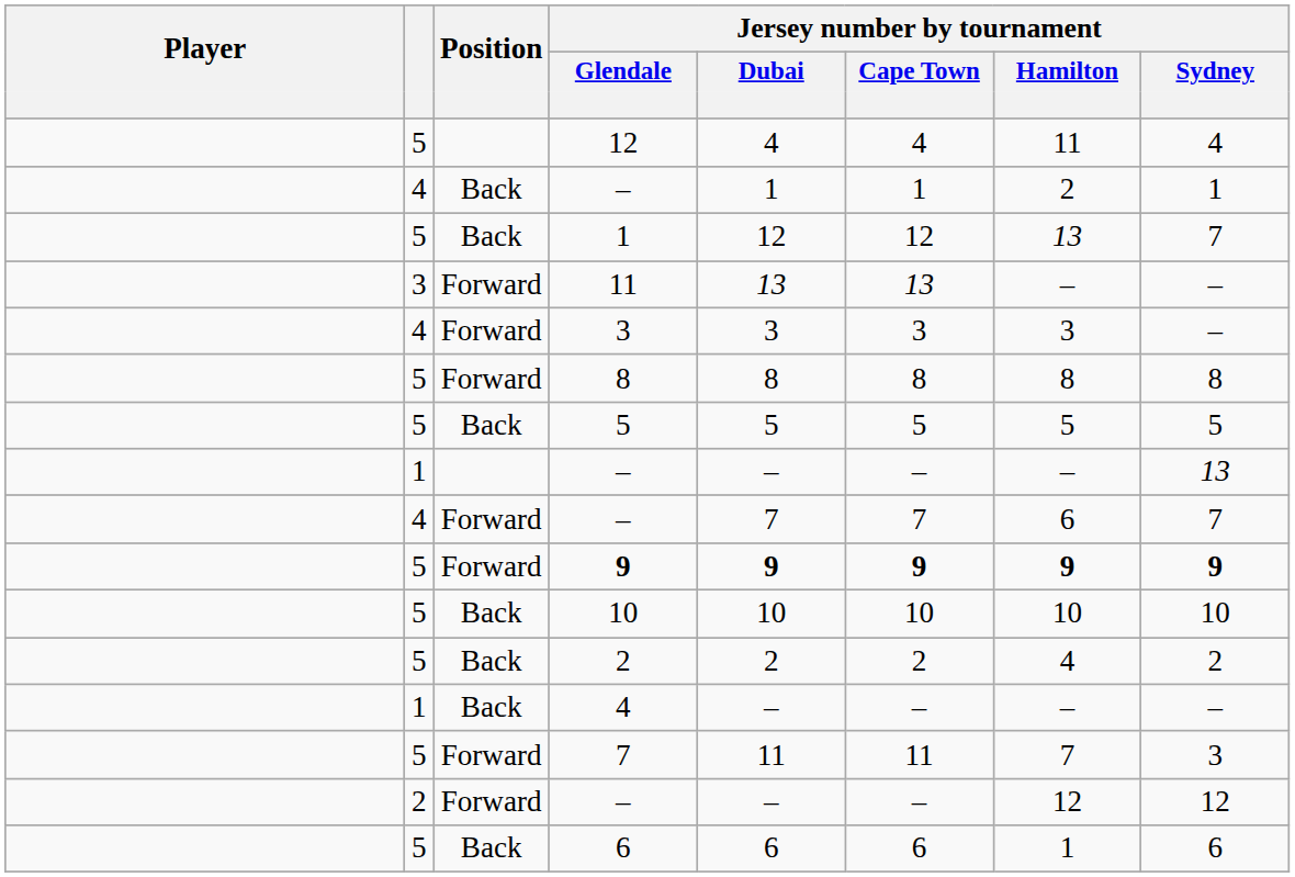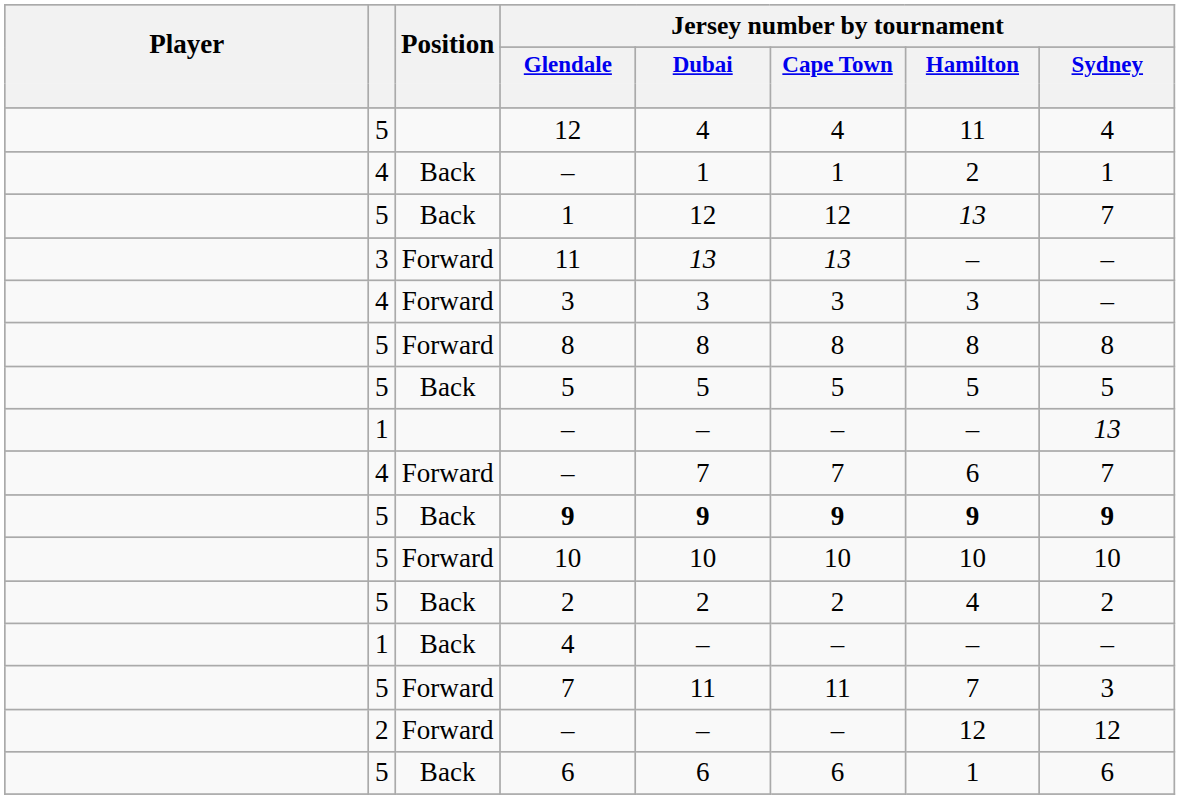 <table class="wikitable sortable" style="text-align:center;">
 <tr>
 <th rowspan=2 style="border-bottom:0; width:13em;">Player</th>
 <th rowspan=2 style="border-bottom:0;"></th>
 <th rowspan=2 style="border-bottom:0;">Position</th>
 <th colspan=8 style="font-size:95%;">Jersey number by tournament</th>
 </tr>
 <tr>
 <th style="vertical-align:top;width:5.5em;border-bottom:1px solid transparent;padding:2px;font-size:85%;"><a href='#'>Glendale</a></th>
 <th style="vertical-align:top;width:5.5em;border-bottom:1px solid transparent;padding:2px;font-size:85%;"><a href='#'>Dubai</a></th>
 <th style="vertical-align:top;width:5.5em;border-bottom:1px solid transparent;padding:2px;font-size:85%;"><a href='#'>Cape Town</a></th>
 <th style="vertical-align:top;width:5.5em;border-bottom:1px solid transparent;padding:2px;font-size:85%;"><a href='#'>Hamilton</a></th>
 <th style="vertical-align:top;width:5.5em;border-bottom:1px solid transparent;padding:2px;font-size:85%;"><a href='#'>Sydney</a></th>
 </tr>
 <tr style="line-height:8px;">
 <th style="border-top:1px solid transparent;"></th>
 <th style="border-top:1px solid transparent;"> </th>
 <th style="border-top:1px solid transparent;"> </th>
 <th data-sort-type="number" style="border-top:1px solid transparent;"></th>
 <th data-sort-type="number" style="border-top:1px solid transparent;"></th>
 <th data-sort-type="number" style="border-top:1px solid transparent;"></th>
 <th data-sort-type="number" style="border-top:1px solid transparent;"></th>
 <th data-sort-type="number" style="border-top:1px solid transparent;"></th>
 </tr>
 <tr>
 <td align=left></td>
 <td>5</td>
 <td></td>
 <td>12</td>
 <td>4</td>
 <td>4</td>
 <td>11</td>
 <td>4</td>
 </tr>
 <tr>
 <td align=left></td>
 <td>4</td>
 <td>Back</td>
 <td>–</td>
 <td>1</td>
 <td>1</td>
 <td>2</td>
 <td>1</td>
 </tr>
 <tr>
 <td align=left></td>
 <td>5</td>
 <td>Back</td>
 <td>1</td>
 <td>12</td>
 <td>12</td>
 <td><em>13</em></td>
 <td>7</td>
 </tr>
 <tr>
 <td align=left></td>
 <td>3</td>
 <td>Forward</td>
 <td>11</td>
 <td><em>13</em></td>
 <td><em>13</em></td>
 <td>–</td>
 <td>–</td>
 </tr>
 <tr>
 <td align=left></td>
 <td>4</td>
 <td>Forward</td>
 <td>3</td>
 <td>3</td>
 <td>3</td>
 <td>3</td>
 <td>–</td>
 </tr>
 <tr>
 <td align=left></td>
 <td>5</td>
 <td>Forward</td>
 <td>8</td>
 <td>8</td>
 <td>8</td>
 <td>8</td>
 <td>8</td>
 </tr>
 <tr>
 <td align=left></td>
 <td>5</td>
 <td>Back</td>
 <td>5</td>
 <td>5</td>
 <td>5</td>
 <td>5</td>
 <td>5</td>
 </tr>
 <tr>
 <td align=left></td>
 <td>1</td>
 <td></td>
 <td>–</td>
 <td>–</td>
 <td>–</td>
 <td>–</td>
 <td><em>13</em></td>
 </tr>
 <tr>
 <td align=left></td>
 <td>4</td>
 <td>Forward</td>
 <td>–</td>
 <td>7</td>
 <td>7</td>
 <td>6</td>
 <td>7</td>
 </tr>
 <tr>
 <td align=left></td>
 <td>5</td>
-<td>Forward</td>
+<td>Back</td>
 <td><strong>9</strong></td>
 <td><strong>9</strong></td>
 <td><strong>9</strong></td>
 <td><strong>9</strong></td>
 <td><strong>9</strong></td>
 </tr>
 <tr>
 <td align=left></td>
 <td>5</td>
-<td>Back</td>
+<td>Forward</td>
 <td>10</td>
 <td>10</td>
 <td>10</td>
 <td>10</td>
 <td>10</td>
 </tr>
 <tr>
 <td align=left></td>
 <td>5</td>
 <td>Back</td>
 <td>2</td>
 <td>2</td>
 <td>2</td>
 <td>4</td>
 <td>2</td>
 </tr>
 <tr>
 <td align=left></td>
 <td>1</td>
 <td>Back</td>
 <td>4</td>
 <td>–</td>
 <td>–</td>
 <td>–</td>
 <td>–</td>
 </tr>
 <tr>
 <td align=left></td>
 <td>5</td>
 <td>Forward</td>
 <td>7</td>
 <td>11</td>
 <td>11</td>
 <td>7</td>
 <td>3</td>
 </tr>
 <tr>
 <td align=left></td>
 <td>2</td>
 <td>Forward</td>
 <td>–</td>
 <td>–</td>
 <td>–</td>
 <td>12</td>
 <td>12</td>
 </tr>
 <tr>
 <td align=left></td>
 <td>5</td>
 <td>Back</td>
 <td>6</td>
 <td>6</td>
 <td>6</td>
 <td>1</td>
 <td>6</td>
 </tr>
 </table>
